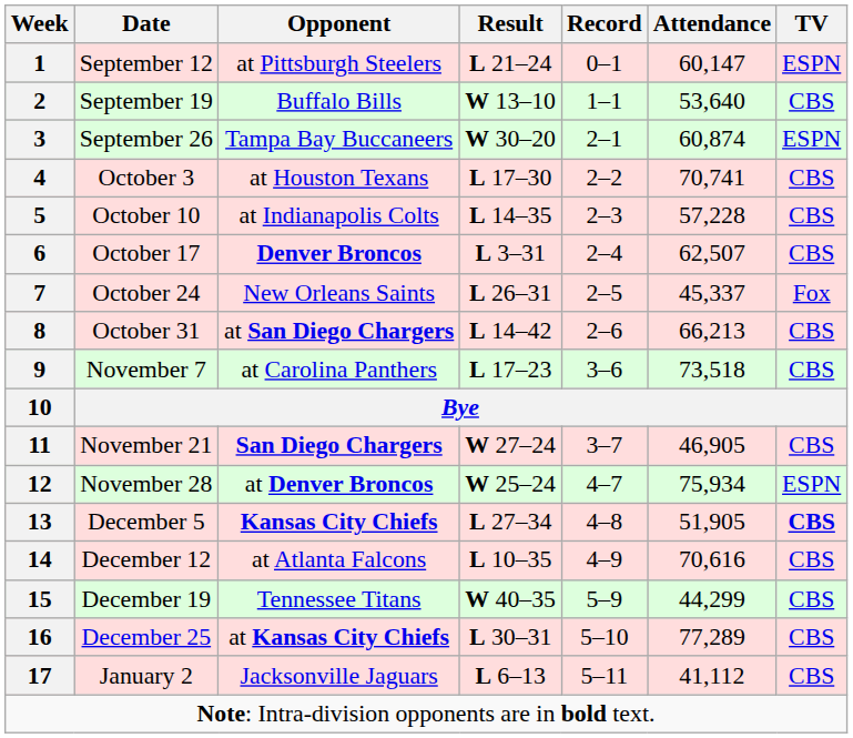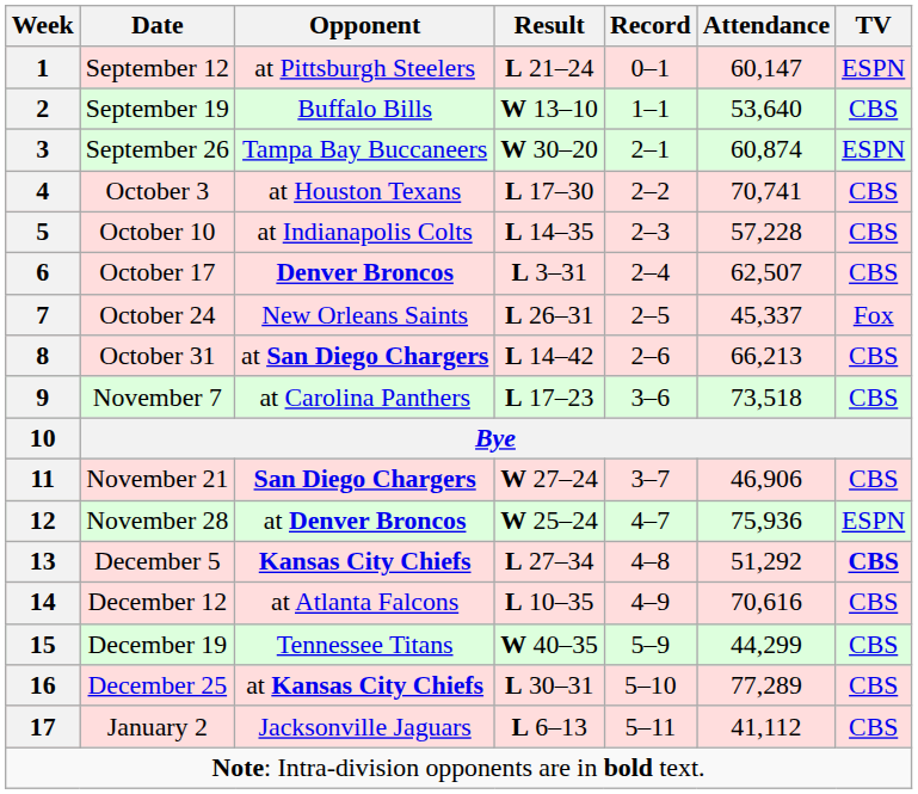 <table class="wikitable" style="text-align:center;">
 <tr>
 <th>Week</th>
 <th>Date</th>
 <th>Opponent</th>
 <th>Result</th>
 <th>Record</th>
 <th>Attendance</th>
 <th>TV</th>
 </tr>
 <tr style="background:#fdd;">
 <th>1</th>
 <td>September 12</td>
 <td>at <a href='#'>Pittsburgh Steelers</a></td>
 <td><strong>L</strong> 21–24</td>
 <td>0–1</td>
 <td>60,147</td>
 <td><a href='#'>ESPN</a></td>
 </tr>
 <tr style="background:#dfd;">
 <th>2</th>
 <td>September 19</td>
 <td><a href='#'>Buffalo Bills</a></td>
 <td><strong>W</strong> 13–10</td>
 <td>1–1</td>
 <td>53,640</td>
 <td><a href='#'>CBS</a></td>
 </tr>
 <tr style="background:#dfd;">
 <th>3</th>
 <td>September 26</td>
 <td><a href='#'>Tampa Bay Buccaneers</a></td>
 <td><strong>W</strong> 30–20</td>
 <td>2–1</td>
 <td>60,874</td>
 <td><a href='#'>ESPN</a></td>
 </tr>
 <tr style="background:#fdd;">
 <th>4</th>
 <td>October 3</td>
 <td>at <a href='#'>Houston Texans</a></td>
 <td><strong>L</strong> 17–30</td>
 <td>2–2</td>
 <td>70,741</td>
 <td><a href='#'>CBS</a></td>
 </tr>
 <tr style="background:#fdd;">
 <th>5</th>
 <td>October 10</td>
 <td>at <a href='#'>Indianapolis Colts</a></td>
 <td><strong>L</strong> 14–35</td>
 <td>2–3</td>
 <td>57,228</td>
 <td><a href='#'>CBS</a></td>
 </tr>
 <tr style="background:#fdd;">
 <th>6</th>
 <td>October 17</td>
 <td><strong><a href='#'>Denver Broncos</a></strong></td>
 <td><strong>L</strong> 3–31</td>
 <td>2–4</td>
 <td>62,507</td>
 <td><a href='#'>CBS</a></td>
 </tr>
 <tr style="background:#fdd;">
 <th>7</th>
 <td>October 24</td>
 <td><a href='#'>New Orleans Saints</a></td>
 <td><strong>L</strong> 26–31</td>
 <td>2–5</td>
 <td>45,337</td>
 <td><a href='#'>Fox</a></td>
 </tr>
 <tr style="background:#fdd;">
 <th>8</th>
 <td>October 31</td>
 <td>at <strong><a href='#'>San Diego Chargers</a></strong></td>
 <td><strong>L</strong> 14–42</td>
 <td>2–6</td>
 <td>66,213</td>
 <td><a href='#'>CBS</a></td>
 </tr>
 <tr style="background:#dfd;">
 <th>9</th>
 <td>November 7</td>
 <td>at <a href='#'>Carolina Panthers</a></td>
 <td><strong>L</strong> 17–23</td>
 <td>3–6</td>
 <td>73,518</td>
 <td><a href='#'>CBS</a></td>
 </tr>
 <tr>
 <th>10</th>
 <th colspan="6" style="text-align:center;"><em><a href='#'>Bye</a></em></th>
 </tr>
 <tr style="background:#fdd;">
 <th>11</th>
 <td>November 21</td>
 <td><strong><a href='#'>San Diego Chargers</a></strong></td>
 <td><strong>W</strong> 27–24</td>
 <td>3–7</td>
-<td>46,905</td>
+<td>46,906</td>
 <td><a href='#'>CBS</a></td>
 </tr>
 <tr style="background:#dfd;">
 <th>12</th>
 <td>November 28</td>
 <td>at <strong><a href='#'>Denver Broncos</a></strong></td>
 <td><strong>W</strong> 25–24</td>
 <td>4–7</td>
-<td>75,934</td>
+<td>75,936</td>
 <td><a href='#'>ESPN</a></td>
 </tr>
 <tr style="background:#fdd;">
 <th>13</th>
 <td>December 5</td>
 <td><strong><a href='#'>Kansas City Chiefs</a></strong></td>
 <td><strong>L</strong> 27–34</td>
 <td>4–8</td>
-<td>51,905</td>
+<td>51,292</td>
 <td><strong><a href='#'>CBS</a></strong></td>
 </tr>
 <tr style="background:#fdd;">
 <th>14</th>
 <td>December 12</td>
 <td>at <a href='#'>Atlanta Falcons</a></td>
 <td><strong>L</strong> 10–35</td>
 <td>4–9</td>
 <td>70,616</td>
 <td><a href='#'>CBS</a></td>
 </tr>
 <tr style="background:#dfd;">
 <th>15</th>
 <td>December 19</td>
 <td><a href='#'>Tennessee Titans</a></td>
 <td><strong>W</strong> 40–35</td>
 <td>5–9</td>
 <td>44,299</td>
 <td><a href='#'>CBS</a></td>
 </tr>
 <tr style="background:#fdd;">
 <th>16</th>
 <td><a href='#'>December 25</a></td>
 <td>at <strong><a href='#'>Kansas City Chiefs</a></strong></td>
 <td><strong>L</strong> 30–31</td>
 <td>5–10</td>
 <td>77,289</td>
 <td><a href='#'>CBS</a></td>
 </tr>
 <tr style="background:#fdd;">
 <th>17</th>
 <td>January 2</td>
 <td><a href='#'>Jacksonville Jaguars</a></td>
 <td><strong>L</strong> 6–13</td>
 <td>5–11</td>
 <td>41,112</td>
 <td><a href='#'>CBS</a></td>
 </tr>
 <tr>
 <td colspan="7"><strong>Note</strong>: Intra-division opponents are in <strong>bold</strong> text.</td>
 </tr>
 </table>
